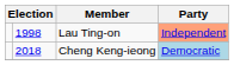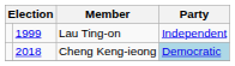 <table class="wikitable">
 <tr>
 <th colspan="2">Election</th>
 <th>Member</th>
 <th>Party</th>
 </tr>
 <tr>
 <td style="background-color: "></td>
-<td><a href='#'>1998</a></td>
+<td><a href='#'>1999</a></td>
 <td>Lau Ting-on</td>
-<td style="background: lightsalmon;"><a href='#'>Independent</a></td>
+<td><a href='#'>Independent</a></td>
 </tr>
 <tr>
 <td style="background-color: "></td>
 <td><a href='#'>2018</a></td>
 <td>Cheng Keng-ieong</td>
 <td style="background: lightblue;"><a href='#'>Democratic</a></td>
 </tr>
 <tr>
 </tr>
 </table>
